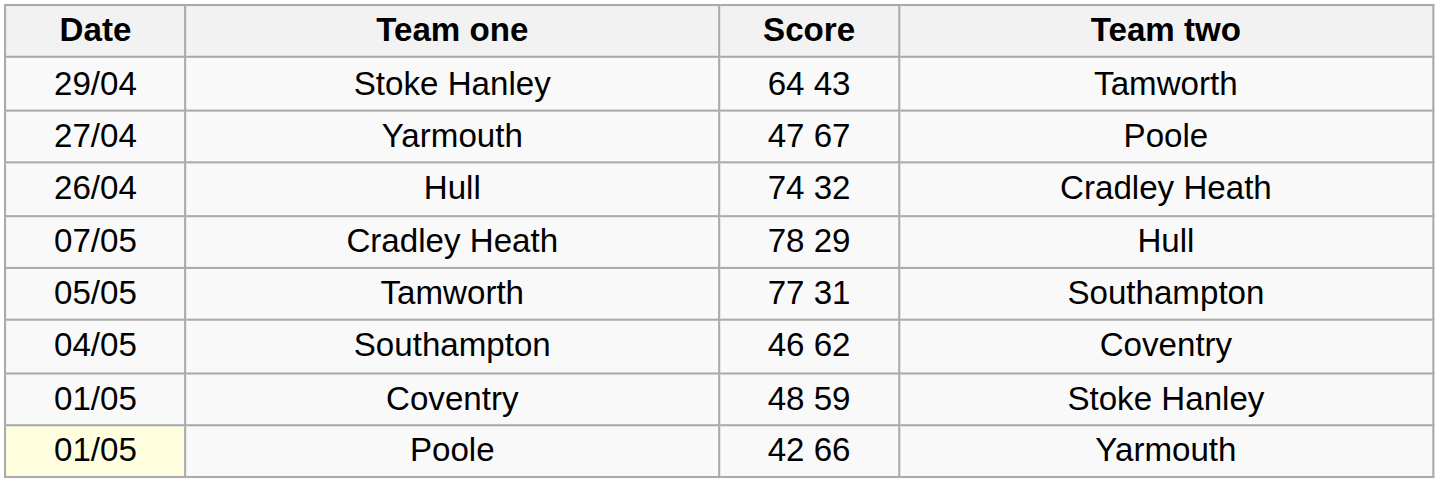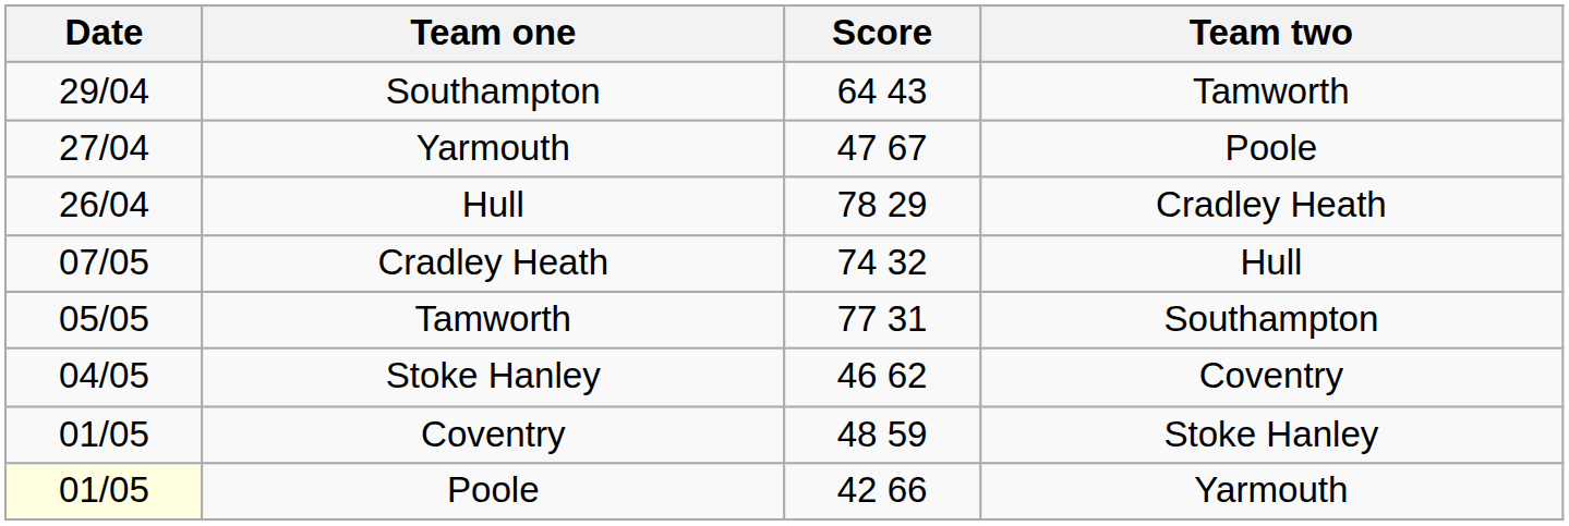 <table class="wikitable" style="text-align: center">
 <tr>
 <th width=80>Date</th>
 <th width=250>Team one</th>
 <th width=80>Score</th>
 <th width=250>Team two</th>
 </tr>
 <tr>
 <td>29/04</td>
-<td>Stoke Hanley</td>
+<td>Southampton</td>
 <td>64	43</td>
 <td>Tamworth</td>
 </tr>
 <tr>
 <td>27/04</td>
 <td>Yarmouth</td>
 <td>47	67</td>
 <td>Poole</td>
 </tr>
 <tr>
 <td>26/04</td>
 <td>Hull</td>
-<td>74	32</td>
+<td>78	29</td>
 <td>Cradley Heath</td>
 </tr>
 <tr>
 <td>07/05</td>
 <td>Cradley Heath</td>
-<td>78	29</td>
+<td>74	32</td>
 <td>Hull</td>
 </tr>
 <tr>
 <td>05/05</td>
 <td>Tamworth</td>
 <td>77	31</td>
 <td>Southampton</td>
 </tr>
 <tr>
 <td>04/05</td>
-<td>Southampton</td>
+<td>Stoke Hanley</td>
 <td>46	62</td>
 <td>Coventry</td>
 </tr>
 <tr>
 <td>01/05</td>
 <td>Coventry</td>
 <td>48	59</td>
 <td>Stoke Hanley</td>
 </tr>
 <tr>
 <td style="background: lightyellow;">01/05</td>
 <td>Poole</td>
 <td>42	66</td>
 <td>Yarmouth</td>
 </tr>
 </table>
